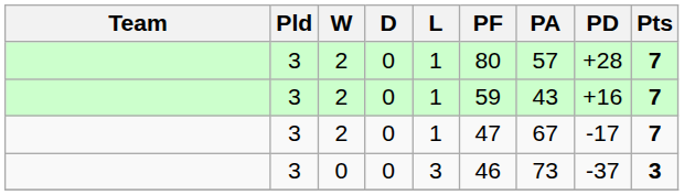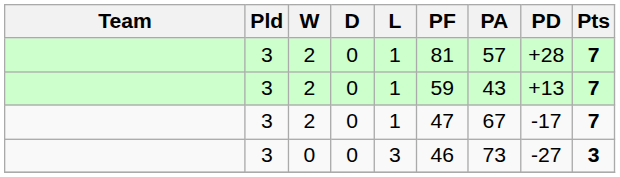 <table class="wikitable" style="text-align:center;">
 <tr>
 <th width=175>Team</th>
 <th width=25 abbr="Played">Pld</th>
 <th width=25 abbr="Won">W</th>
 <th width=25 abbr="Drawn">D</th>
 <th width=25 abbr="Lost">L</th>
 <th width=32 abbr="Points for">PF</th>
 <th width=32 abbr="Points against">PA</th>
 <th width=32 abbr="Points difference">PD</th>
 <th width=25 abbr="Points">Pts</th>
 </tr>
 <tr bgcolor="#ccffcc">
 <td align=left></td>
 <td>3</td>
 <td>2</td>
 <td>0</td>
 <td>1</td>
-<td>80</td>
+<td>81</td>
 <td>57</td>
 <td>+28</td>
 <td><strong>7</strong></td>
 </tr>
 <tr bgcolor="#ccffcc">
 <td align=left></td>
 <td>3</td>
 <td>2</td>
 <td>0</td>
 <td>1</td>
 <td>59</td>
 <td>43</td>
-<td>+16</td>
+<td>+13</td>
 <td><strong>7</strong></td>
 </tr>
 <tr>
 <td align=left></td>
 <td>3</td>
 <td>2</td>
 <td>0</td>
 <td>1</td>
 <td>47</td>
 <td>67</td>
 <td>-17</td>
 <td><strong>7</strong></td>
 </tr>
 <tr>
 <td align=left></td>
 <td>3</td>
 <td>0</td>
 <td>0</td>
 <td>3</td>
 <td>46</td>
 <td>73</td>
-<td>-37</td>
+<td>-27</td>
 <td><strong>3</strong></td>
 </tr>
 <tr>
 </tr>
 </table>
